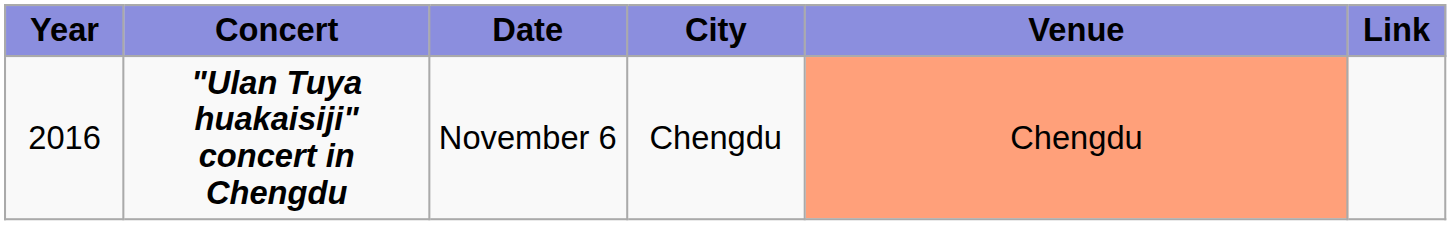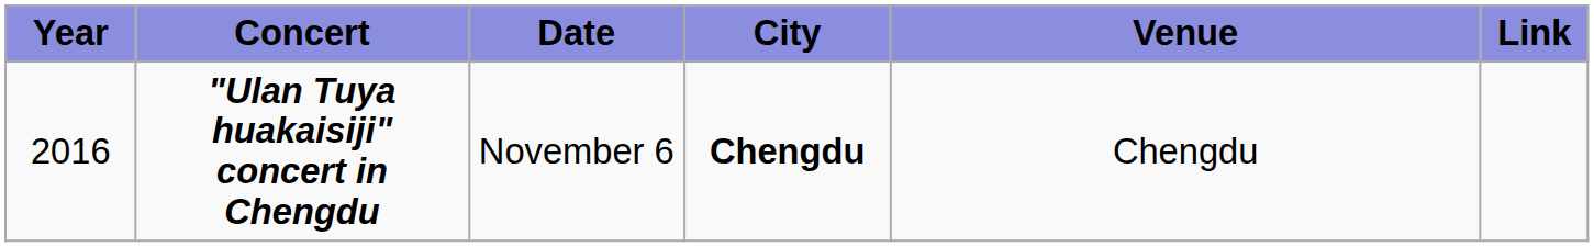 <table class="wikitable sortable mw-collapsible" width="80%" style="text-align:center">
 <tr align="center" style="background:#8B8EDE">
 <td style="width:2%"><strong>Year</strong></td>
 <td style="width:8%"><strong>Concert</strong></td>
 <td style="width:2%"><strong>Date</strong></td>
 <td style="width:2%"><strong>City</strong></td>
 <td style="width:18%"><strong>Venue</strong></td>
 <td style="width:1%"><strong>Link</strong></td>
 </tr>
 <tr>
 <td rowspan="2">2016</td>
 <td rowspan="2"><strong><em>"Ulan Tuya huakaisiji" concert in Chengdu</em></strong></td>
 <td>November 6</td>
+<td><strong>Chengdu</strong></td>
 <td>Chengdu</td>
-<td style="background: lightsalmon;">Chengdu</td>
 <td></td>
 </tr>
 </table>
